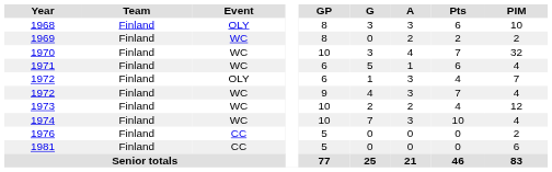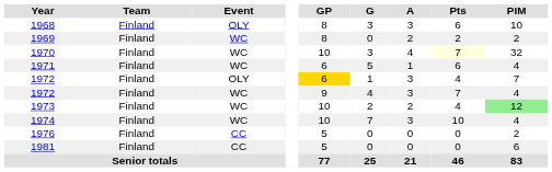 <table border="0" cellpadding="1" cellspacing="0" style="text-align:center; width:50em">
 <tr ALIGN="center" bgcolor="#e0e0e0">
 <th>Year</th>
 <th>Team</th>
 <th>Event</th>
 <th rowspan="99" bgcolor="#ffffff"> </th>
 <th>GP</th>
 <th>G</th>
 <th>A</th>
 <th>Pts</th>
 <th>PIM</th>
 </tr>
 <tr>
 <td><a href='#'>1968</a></td>
 <td><a href='#'>Finland</a></td>
 <td><a href='#'>OLY</a></td>
 <td>8</td>
 <td>3</td>
 <td>3</td>
 <td>6</td>
 <td>10</td>
 </tr>
 <tr bgcolor="#f0f0f0">
 <td><a href='#'>1969</a></td>
 <td>Finland</td>
 <td><a href='#'>WC</a></td>
 <td>8</td>
 <td>0</td>
 <td>2</td>
 <td>2</td>
 <td>2</td>
 </tr>
 <tr>
 <td><a href='#'>1970</a></td>
 <td>Finland</td>
 <td>WC</td>
 <td>10</td>
 <td>3</td>
 <td>4</td>
-<td>7</td>
+<td style="background: lightyellow;">7</td>
 <td>32</td>
 </tr>
 <tr bgcolor="#f0f0f0">
 <td><a href='#'>1971</a></td>
 <td>Finland</td>
 <td>WC</td>
 <td>6</td>
 <td>5</td>
 <td>1</td>
 <td>6</td>
 <td>4</td>
 </tr>
 <tr>
 <td><a href='#'>1972</a></td>
 <td>Finland</td>
 <td>OLY</td>
-<td>6</td>
+<td style="background: gold;">6</td>
 <td>1</td>
 <td>3</td>
 <td>4</td>
 <td>7</td>
 </tr>
 <tr bgcolor="#f0f0f0">
 <td><a href='#'>1972</a></td>
 <td>Finland</td>
 <td>WC</td>
 <td>9</td>
 <td>4</td>
 <td>3</td>
 <td>7</td>
 <td>4</td>
 </tr>
 <tr>
 <td><a href='#'>1973</a></td>
 <td>Finland</td>
 <td>WC</td>
 <td>10</td>
 <td>2</td>
 <td>2</td>
 <td>4</td>
-<td>12</td>
+<td style="background: lightgreen;">12</td>
 </tr>
 <tr bgcolor="#f0f0f0">
 <td><a href='#'>1974</a></td>
 <td>Finland</td>
 <td>WC</td>
 <td>10</td>
 <td>7</td>
 <td>3</td>
 <td>10</td>
 <td>4</td>
 </tr>
 <tr>
 <td><a href='#'>1976</a></td>
 <td>Finland</td>
 <td><a href='#'>CC</a></td>
 <td>5</td>
 <td>0</td>
 <td>0</td>
 <td>0</td>
 <td>2</td>
 </tr>
 <tr bgcolor="#f0f0f0">
 <td><a href='#'>1981</a></td>
 <td>Finland</td>
 <td>CC</td>
 <td>5</td>
 <td>0</td>
 <td>0</td>
 <td>0</td>
 <td>6</td>
 </tr>
 <tr bgcolor="#e0e0e0">
 <th colspan=3>Senior totals</th>
 <th>77</th>
 <th>25</th>
 <th>21</th>
 <th>46</th>
 <th>83</th>
 </tr>
 </table>
